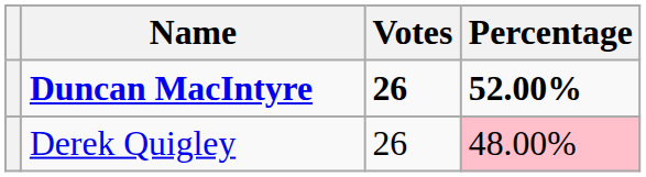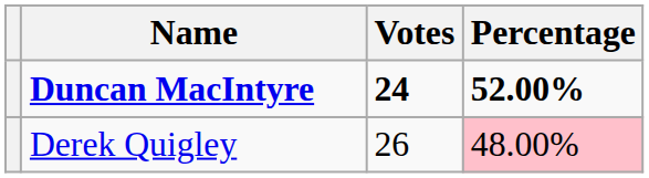 <table class="wikitable">
 <tr>
 <th></th>
 <th>Name</th>
 <th>Votes</th>
 <th>Percentage</th>
 </tr>
 <tr>
 <th style="background-color: "></th>
 <td width="150"><strong><a href='#'>Duncan MacIntyre</a></strong></td>
-<td><strong>26</strong></td>
+<td><strong>24</strong></td>
 <td><strong>52.00%</strong></td>
 </tr>
 <tr>
 <th style="background-color: "></th>
 <td><a href='#'>Derek Quigley</a></td>
 <td>26</td>
 <td style="background: pink;">48.00%</td>
 </tr>
 </table>
